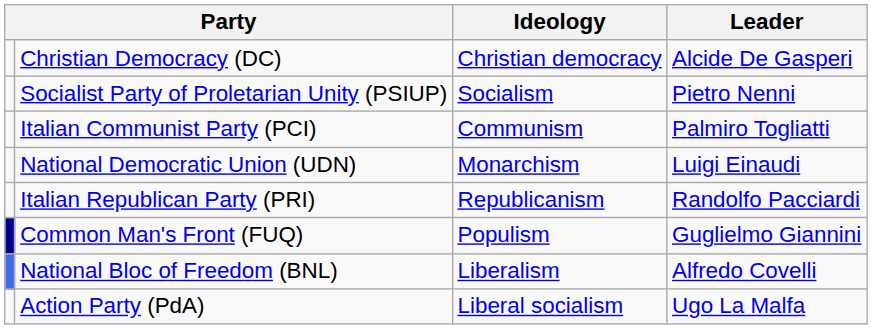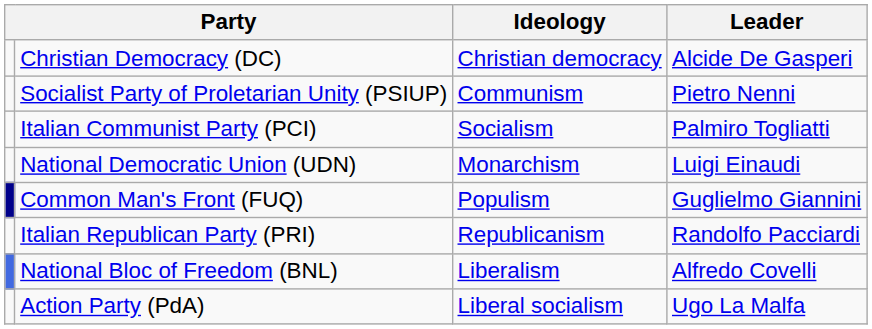 <table class=wikitable style=text-align:left>
 <tr>
 <th colspan=2>Party</th>
 <th>Ideology</th>
 <th>Leader</th>
 </tr>
 <tr>
 <td></td>
 <td><a href='#'>Christian Democracy</a> (DC)</td>
 <td><a href='#'>Christian democracy</a></td>
 <td><a href='#'>Alcide De Gasperi</a></td>
 </tr>
 <tr>
 <td></td>
 <td><a href='#'>Socialist Party of Proletarian Unity</a> (PSIUP)</td>
-<td><a href='#'>Socialism</a></td>
+<td><a href='#'>Communism</a></td>
 <td><a href='#'>Pietro Nenni</a></td>
 </tr>
 <tr>
 <td></td>
 <td><a href='#'>Italian Communist Party</a> (PCI)</td>
-<td><a href='#'>Communism</a></td>
+<td><a href='#'>Socialism</a></td>
 <td><a href='#'>Palmiro Togliatti</a></td>
 </tr>
 <tr>
 <td></td>
 <td><a href='#'>National Democratic Union</a> (UDN)</td>
 <td><a href='#'>Monarchism</a></td>
 <td><a href='#'>Luigi Einaudi</a></td>
 </tr>
 <tr>
+<td bgcolor="darkblue"></td>
+<td><a href='#'>Common Man's Front</a> (FUQ)</td>
+<td><a href='#'>Populism</a></td>
+<td><a href='#'>Guglielmo Giannini</a></td>
+</tr>
+<tr>
 <td></td>
 <td><a href='#'>Italian Republican Party</a> (PRI)</td>
 <td><a href='#'>Republicanism</a></td>
 <td><a href='#'>Randolfo Pacciardi</a></td>
-</tr>
-<tr>
-<td bgcolor="darkblue"></td>
-<td><a href='#'>Common Man's Front</a> (FUQ)</td>
-<td><a href='#'>Populism</a></td>
-<td><a href='#'>Guglielmo Giannini</a></td>
 </tr>
 <tr>
 <td bgcolor="royalblue"></td>
 <td><a href='#'>National Bloc of Freedom</a> (BNL)</td>
 <td><a href='#'>Liberalism</a></td>
 <td><a href='#'>Alfredo Covelli</a></td>
 </tr>
 <tr>
 <td></td>
 <td><a href='#'>Action Party</a> (PdA)</td>
 <td><a href='#'>Liberal socialism</a></td>
 <td><a href='#'>Ugo La Malfa</a></td>
 </tr>
 </table>
